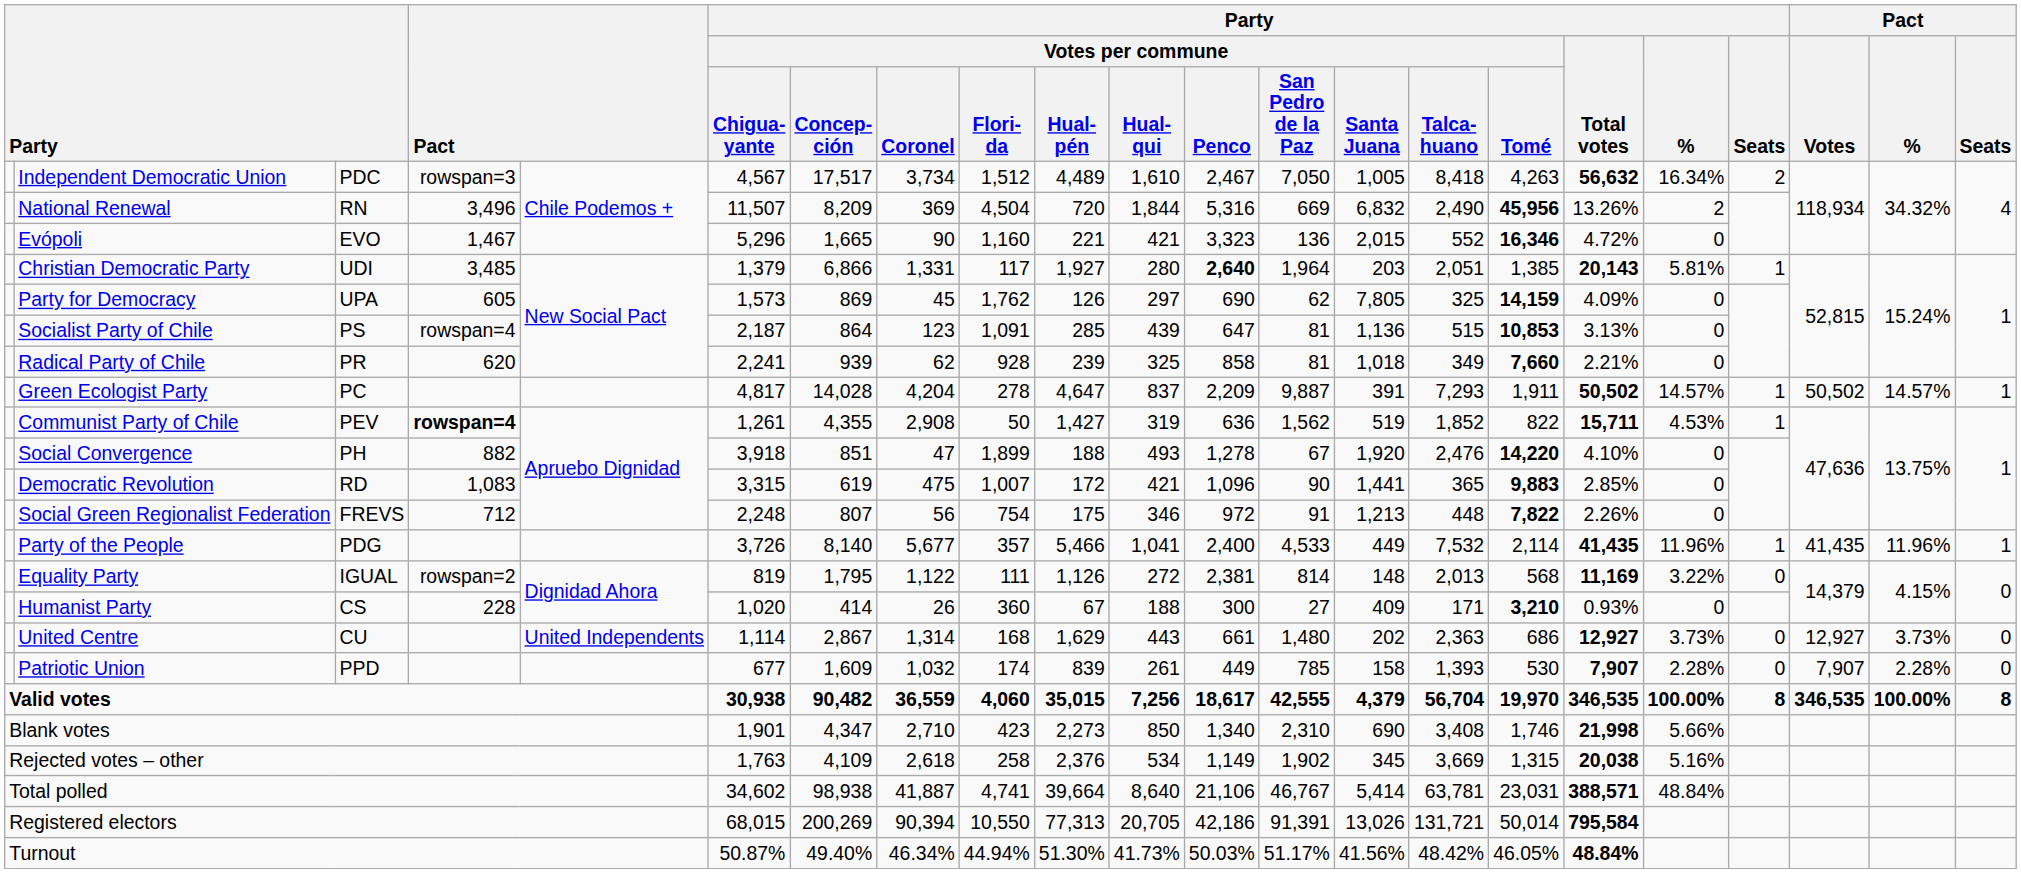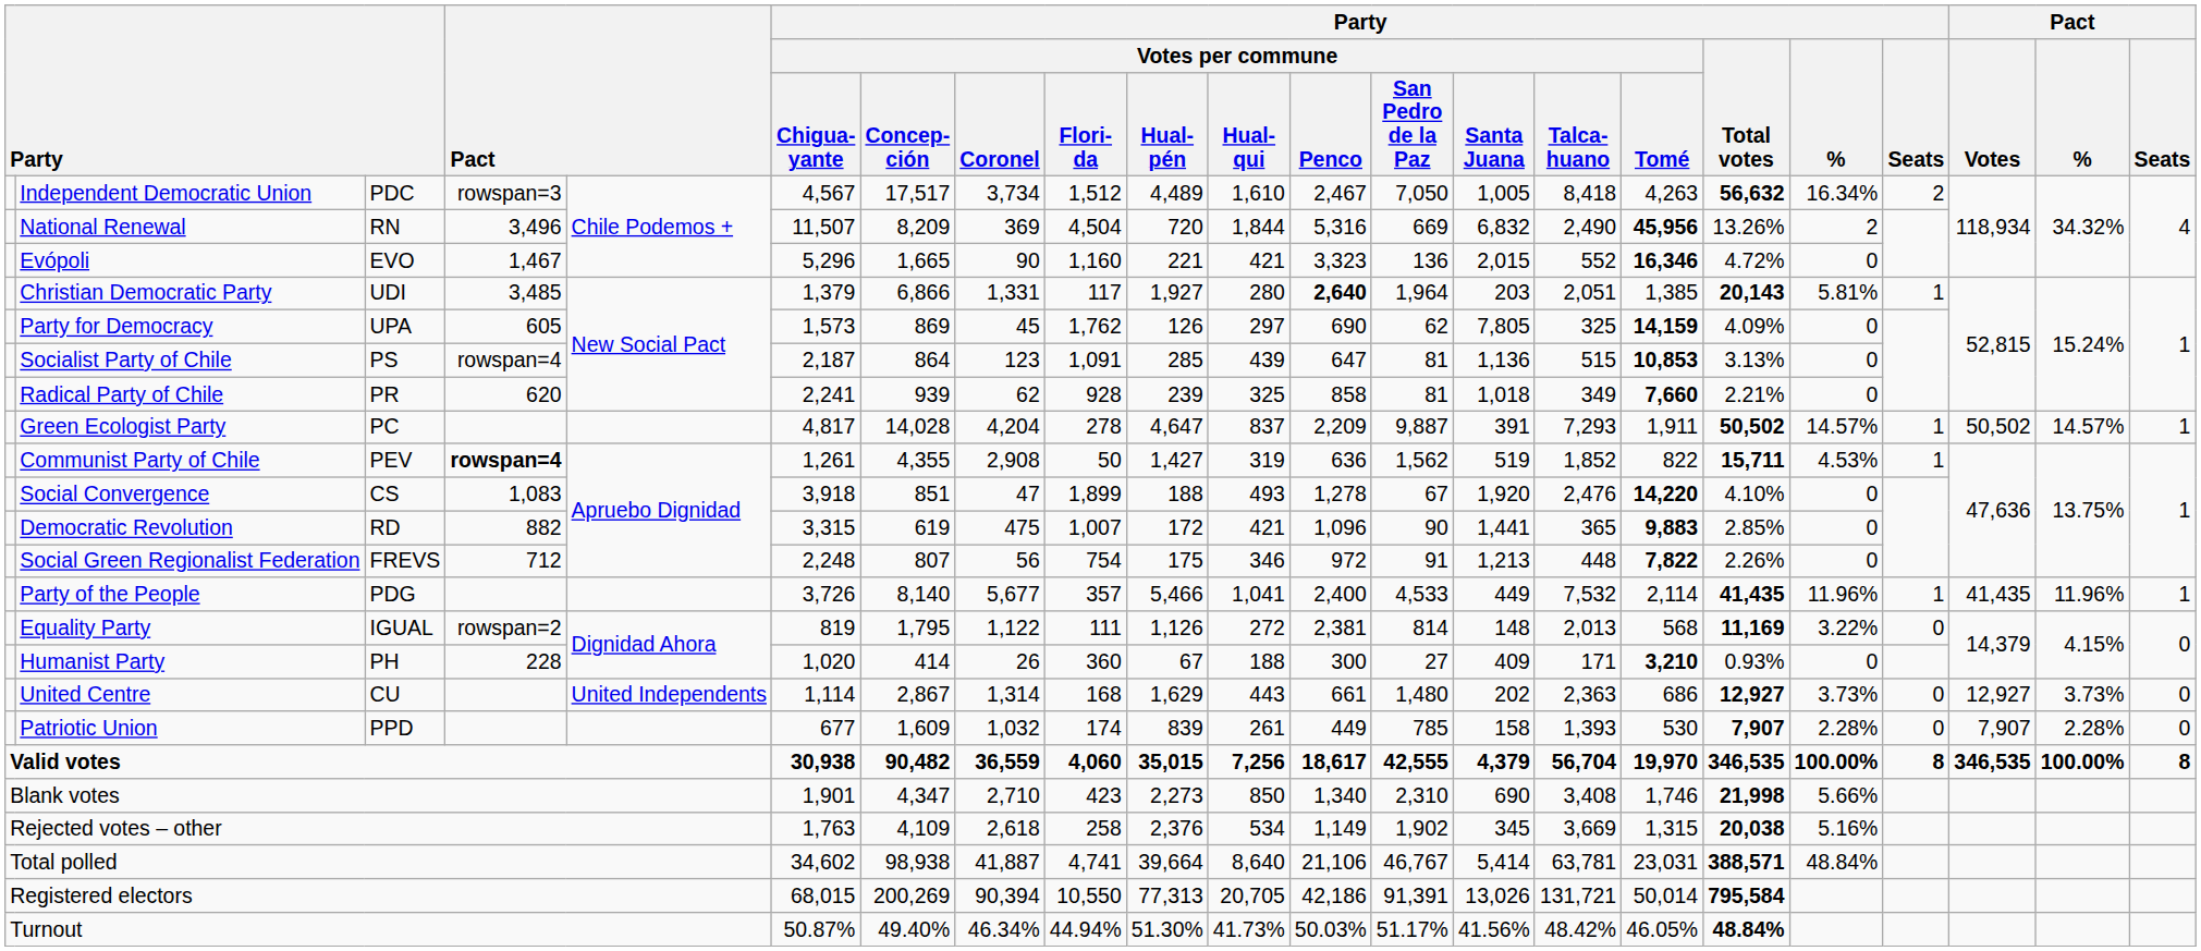 <table class="wikitable" border="1" style="font-size:90%; text-align:right; white-space: nowrap;">
 <tr>
 <th style="text-align:left;" valign=bottom rowspan=3 colspan=3>Party</th>
 <th style="text-align:left;" valign=bottom rowspan=3 colspan=2>Pact</th>
 <th colspan=14>Party</th>
 <th colspan=3>Pact</th>
 </tr>
 <tr>
 <th colspan=11>Votes per commune</th>
 <th align=center valign=bottom rowspan=2 width="40">Total<br>votes</th>
 <th align=center valign=bottom rowspan=2 width="40">%</th>
 <th align=center valign=bottom rowspan=2>Seats</th>
 <th align=center valign=bottom rowspan=2 width="40">Votes</th>
 <th align=center valign=bottom rowspan=2 width="40">%</th>
 <th align=center valign=bottom rowspan=2>Seats</th>
 </tr>
 <tr>
 <th align=center valign=bottom width="40"><a href='#'>Chigua-<br>yante</a></th>
 <th align=center valign=bottom width="40"><a href='#'>Concep-<br>ción</a></th>
 <th align=center valign=bottom width="40"><a href='#'>Coronel</a></th>
 <th align=center valign=bottom width="40"><a href='#'>Flori-<br>da</a></th>
 <th align=center valign=bottom width="40"><a href='#'>Hual-<br>pén</a></th>
 <th align=center valign=bottom width="40"><a href='#'>Hual-<br>qui</a></th>
 <th align=center valign=bottom width="40"><a href='#'>Penco</a></th>
 <th align=center valign=bottom width="40"><a href='#'>San<br>Pedro<br>de la<br>Paz</a></th>
 <th align=center valign=bottom width="40"><a href='#'>Santa<br>Juana</a></th>
 <th align=center valign=bottom width="40"><a href='#'>Talca-<br>huano</a></th>
 <th align=center valign=bottom width="40"><a href='#'>Tomé</a></th>
 </tr>
 <tr>
 <td></td>
 <td align=left><a href='#'>Independent Democratic Union</a></td>
 <td align=left>PDC</td>
 <td>rowspan=3 </td>
 <td rowspan=3 align=left><a href='#'>Chile Podemos +</a></td>
 <td>4,567</td>
 <td>17,517</td>
 <td>3,734</td>
 <td>1,512</td>
 <td>4,489</td>
 <td>1,610</td>
 <td>2,467</td>
 <td>7,050</td>
 <td>1,005</td>
 <td>8,418</td>
 <td>4,263</td>
 <td><strong>56,632</strong></td>
 <td>16.34%</td>
 <td>2</td>
 <td rowspan=3>118,934</td>
 <td rowspan=3>34.32%</td>
 <td rowspan=3>4</td>
 </tr>
 <tr>
 <td></td>
 <td align=left><a href='#'>National Renewal</a></td>
 <td align=left>RN</td>
 <td>3,496</td>
 <td>11,507</td>
 <td>8,209</td>
 <td>369</td>
 <td>4,504</td>
 <td>720</td>
 <td>1,844</td>
 <td>5,316</td>
 <td>669</td>
 <td>6,832</td>
 <td>2,490</td>
 <td><strong>45,956</strong></td>
 <td>13.26%</td>
 <td>2</td>
 </tr>
 <tr>
 <td></td>
 <td align=left><a href='#'>Evópoli</a></td>
 <td align=left>EVO</td>
 <td>1,467</td>
 <td>5,296</td>
 <td>1,665</td>
 <td>90</td>
 <td>1,160</td>
 <td>221</td>
 <td>421</td>
 <td>3,323</td>
 <td>136</td>
 <td>2,015</td>
 <td>552</td>
 <td><strong>16,346</strong></td>
 <td>4.72%</td>
 <td>0</td>
 </tr>
 <tr>
 <td></td>
 <td align=left><a href='#'>Christian Democratic Party</a></td>
 <td align=left>UDI</td>
 <td>3,485</td>
 <td rowspan=4 align=left><a href='#'>New Social Pact</a></td>
 <td>1,379</td>
 <td>6,866</td>
 <td>1,331</td>
 <td>117</td>
 <td>1,927</td>
 <td>280</td>
 <td><strong>2,640</strong></td>
 <td>1,964</td>
 <td>203</td>
 <td>2,051</td>
 <td>1,385</td>
 <td><strong>20,143</strong></td>
 <td>5.81%</td>
 <td>1</td>
 <td rowspan=4>52,815</td>
 <td rowspan=4>15.24%</td>
 <td rowspan=4>1</td>
 </tr>
 <tr>
 <td></td>
 <td align=left><a href='#'>Party for Democracy</a></td>
 <td align=left>UPA</td>
 <td>605</td>
 <td>1,573</td>
 <td>869</td>
 <td>45</td>
 <td>1,762</td>
 <td>126</td>
 <td>297</td>
 <td>690</td>
 <td>62</td>
 <td>7,805</td>
 <td>325</td>
 <td><strong>14,159</strong></td>
 <td>4.09%</td>
 <td>0</td>
 </tr>
 <tr>
 <td></td>
 <td align=left><a href='#'>Socialist Party of Chile</a></td>
 <td align=left>PS</td>
 <td>rowspan=4 </td>
 <td>2,187</td>
 <td>864</td>
 <td>123</td>
 <td>1,091</td>
 <td>285</td>
 <td>439</td>
 <td>647</td>
 <td>81</td>
 <td>1,136</td>
 <td>515</td>
 <td><strong>10,853</strong></td>
 <td>3.13%</td>
 <td>0</td>
 </tr>
 <tr>
 <td></td>
 <td align=left><a href='#'>Radical Party of Chile</a></td>
 <td align=left>PR</td>
 <td>620</td>
 <td>2,241</td>
 <td>939</td>
 <td>62</td>
 <td>928</td>
 <td>239</td>
 <td>325</td>
 <td>858</td>
 <td>81</td>
 <td>1,018</td>
 <td>349</td>
 <td><strong>7,660</strong></td>
 <td>2.21%</td>
 <td>0</td>
 </tr>
 <tr>
 <td></td>
 <td align=left><a href='#'>Green Ecologist Party</a></td>
 <td align=left>PC</td>
 <td></td>
 <td></td>
 <td>4,817</td>
 <td>14,028</td>
 <td>4,204</td>
 <td>278</td>
 <td>4,647</td>
 <td>837</td>
 <td>2,209</td>
 <td>9,887</td>
 <td>391</td>
 <td>7,293</td>
 <td>1,911</td>
 <td><strong>50,502</strong></td>
 <td>14.57%</td>
 <td>1</td>
 <td>50,502</td>
 <td>14.57%</td>
 <td>1</td>
 </tr>
 <tr>
 <td></td>
 <td align=left><a href='#'>Communist Party of Chile</a></td>
 <td align=left>PEV</td>
 <td><strong>rowspan=4 </strong></td>
 <td rowspan=4 align=left><a href='#'>Apruebo Dignidad</a></td>
 <td>1,261</td>
 <td>4,355</td>
 <td>2,908</td>
 <td>50</td>
 <td>1,427</td>
 <td>319</td>
 <td>636</td>
 <td>1,562</td>
 <td>519</td>
 <td>1,852</td>
 <td>822</td>
 <td><strong>15,711</strong></td>
 <td>4.53%</td>
 <td>1</td>
 <td rowspan=4>47,636</td>
 <td rowspan=4>13.75%</td>
 <td rowspan=4>1</td>
 </tr>
 <tr>
 <td></td>
 <td align=left><a href='#'>Social Convergence</a></td>
-<td align=left>PH</td>
-<td>882</td>
+<td align=left>CS</td>
+<td>1,083</td>
 <td>3,918</td>
 <td>851</td>
 <td>47</td>
 <td>1,899</td>
 <td>188</td>
 <td>493</td>
 <td>1,278</td>
 <td>67</td>
 <td>1,920</td>
 <td>2,476</td>
 <td><strong>14,220</strong></td>
 <td>4.10%</td>
 <td>0</td>
 </tr>
 <tr>
 <td></td>
 <td align=left><a href='#'>Democratic Revolution</a></td>
 <td align=left>RD</td>
-<td>1,083</td>
+<td>882</td>
 <td>3,315</td>
 <td>619</td>
 <td>475</td>
 <td>1,007</td>
 <td>172</td>
 <td>421</td>
 <td>1,096</td>
 <td>90</td>
 <td>1,441</td>
 <td>365</td>
 <td><strong>9,883</strong></td>
 <td>2.85%</td>
 <td>0</td>
 </tr>
 <tr>
 <td></td>
 <td align=left><a href='#'>Social Green Regionalist Federation</a></td>
 <td align=left>FREVS</td>
 <td>712</td>
 <td>2,248</td>
 <td>807</td>
 <td>56</td>
 <td>754</td>
 <td>175</td>
 <td>346</td>
 <td>972</td>
 <td>91</td>
 <td>1,213</td>
 <td>448</td>
 <td><strong>7,822</strong></td>
 <td>2.26%</td>
 <td>0</td>
 </tr>
 <tr>
 <td></td>
 <td align=left><a href='#'>Party of the People</a></td>
 <td align=left>PDG</td>
 <td></td>
 <td></td>
 <td>3,726</td>
 <td>8,140</td>
 <td>5,677</td>
 <td>357</td>
 <td>5,466</td>
 <td>1,041</td>
 <td>2,400</td>
 <td>4,533</td>
 <td>449</td>
 <td>7,532</td>
 <td>2,114</td>
 <td><strong>41,435</strong></td>
 <td>11.96%</td>
 <td>1</td>
 <td>41,435</td>
 <td>11.96%</td>
 <td>1</td>
 </tr>
 <tr>
 <td></td>
 <td align=left><a href='#'>Equality Party</a></td>
 <td align=left>IGUAL</td>
 <td>rowspan=2 </td>
 <td rowspan=2 align=left><a href='#'>Dignidad Ahora</a></td>
 <td>819</td>
 <td>1,795</td>
 <td>1,122</td>
 <td>111</td>
 <td>1,126</td>
 <td>272</td>
 <td>2,381</td>
 <td>814</td>
 <td>148</td>
 <td>2,013</td>
 <td>568</td>
 <td><strong>11,169</strong></td>
 <td>3.22%</td>
 <td>0</td>
 <td rowspan=2>14,379</td>
 <td rowspan=2>4.15%</td>
 <td rowspan=2>0</td>
 </tr>
 <tr>
 <td></td>
 <td align=left><a href='#'>Humanist Party</a></td>
-<td align=left>CS</td>
+<td align=left>PH</td>
 <td>228</td>
 <td>1,020</td>
 <td>414</td>
 <td>26</td>
 <td>360</td>
 <td>67</td>
 <td>188</td>
 <td>300</td>
 <td>27</td>
 <td>409</td>
 <td>171</td>
 <td><strong>3,210</strong></td>
 <td>0.93%</td>
 <td>0</td>
 </tr>
 <tr>
 <td></td>
 <td align=left><a href='#'>United Centre</a></td>
 <td align=left>CU</td>
 <td></td>
 <td align=left><a href='#'>United Independents</a></td>
 <td>1,114</td>
 <td>2,867</td>
 <td>1,314</td>
 <td>168</td>
 <td>1,629</td>
 <td>443</td>
 <td>661</td>
 <td>1,480</td>
 <td>202</td>
 <td>2,363</td>
 <td>686</td>
 <td><strong>12,927</strong></td>
 <td>3.73%</td>
 <td>0</td>
 <td>12,927</td>
 <td>3.73%</td>
 <td>0</td>
 </tr>
 <tr>
 <td></td>
 <td align=left><a href='#'>Patriotic Union</a></td>
 <td align=left>PPD</td>
 <td></td>
 <td></td>
 <td>677</td>
 <td>1,609</td>
 <td>1,032</td>
 <td>174</td>
 <td>839</td>
 <td>261</td>
 <td>449</td>
 <td>785</td>
 <td>158</td>
 <td>1,393</td>
 <td>530</td>
 <td><strong>7,907</strong></td>
 <td>2.28%</td>
 <td>0</td>
 <td>7,907</td>
 <td>2.28%</td>
 <td>0</td>
 </tr>
 <tr style="font-weight:bold">
 <td align=left colspan=5>Valid votes</td>
 <td>30,938</td>
 <td>90,482</td>
 <td>36,559</td>
 <td>4,060</td>
 <td>35,015</td>
 <td>7,256</td>
 <td>18,617</td>
 <td>42,555</td>
 <td>4,379</td>
 <td>56,704</td>
 <td>19,970</td>
 <td>346,535</td>
 <td>100.00%</td>
 <td>8</td>
 <td>346,535</td>
 <td>100.00%</td>
 <td>8</td>
 </tr>
 <tr>
 <td align=left colspan=5>Blank votes</td>
 <td>1,901</td>
 <td>4,347</td>
 <td>2,710</td>
 <td>423</td>
 <td>2,273</td>
 <td>850</td>
 <td>1,340</td>
 <td>2,310</td>
 <td>690</td>
 <td>3,408</td>
 <td>1,746</td>
 <td><strong>21,998</strong></td>
 <td>5.66%</td>
 <td></td>
 <td></td>
 <td></td>
 <td></td>
 </tr>
 <tr>
 <td align=left colspan=5>Rejected votes – other</td>
 <td>1,763</td>
 <td>4,109</td>
 <td>2,618</td>
 <td>258</td>
 <td>2,376</td>
 <td>534</td>
 <td>1,149</td>
 <td>1,902</td>
 <td>345</td>
 <td>3,669</td>
 <td>1,315</td>
 <td><strong>20,038</strong></td>
 <td>5.16%</td>
 <td></td>
 <td></td>
 <td></td>
 <td></td>
 </tr>
 <tr>
 <td align=left colspan=5>Total polled</td>
 <td>34,602</td>
 <td>98,938</td>
 <td>41,887</td>
 <td>4,741</td>
 <td>39,664</td>
 <td>8,640</td>
 <td>21,106</td>
 <td>46,767</td>
 <td>5,414</td>
 <td>63,781</td>
 <td>23,031</td>
 <td><strong>388,571</strong></td>
 <td>48.84%</td>
 <td></td>
 <td></td>
 <td></td>
 <td></td>
 </tr>
 <tr>
 <td align=left colspan=5>Registered electors</td>
 <td>68,015</td>
 <td>200,269</td>
 <td>90,394</td>
 <td>10,550</td>
 <td>77,313</td>
 <td>20,705</td>
 <td>42,186</td>
 <td>91,391</td>
 <td>13,026</td>
 <td>131,721</td>
 <td>50,014</td>
 <td><strong>795,584</strong></td>
 <td></td>
 <td></td>
 <td></td>
 <td></td>
 <td></td>
 </tr>
 <tr>
 <td align=left colspan=5>Turnout</td>
 <td>50.87%</td>
 <td>49.40%</td>
 <td>46.34%</td>
 <td>44.94%</td>
 <td>51.30%</td>
 <td>41.73%</td>
 <td>50.03%</td>
 <td>51.17%</td>
 <td>41.56%</td>
 <td>48.42%</td>
 <td>46.05%</td>
 <td><strong>48.84%</strong></td>
 <td></td>
 <td></td>
 <td></td>
 <td></td>
 <td></td>
 </tr>
 </table>
